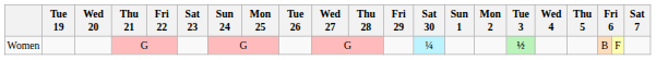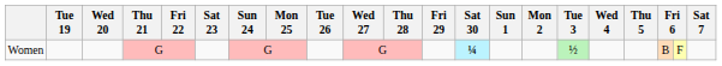 <table class="wikitable" style="margin:0.5em auto; font-size:90%; line-height:1.25em; text-align:center">
 <tr>
 <th></th>
 <th>Tue 19</th>
 <th>Wed 20</th>
 <th>Thu 21</th>
 <th>Fri 22</th>
 <th>Sat 23</th>
 <th>Sun 24</th>
 <th>Mon 25</th>
 <th>Tue 26</th>
 <th>Wed 27</th>
 <th>Thu 28</th>
 <th>Fri 29</th>
 <th>Sat 30</th>
 <th>Sun 1</th>
 <th>Mon 2</th>
 <th>Tue 3</th>
 <th>Wed 4</th>
 <th>Thu 5</th>
 <th colspan="2">Fri 6</th>
 <th colspan="2">Sat 7</th>
 </tr>
 <tr>
 <td align="left">Women</td>
 <td></td>
 <td></td>
 <td colspan="2" bgcolor="#FFBBBB">G</td>
 <td></td>
 <td colspan="2" bgcolor="#FFBBBB">G</td>
 <td></td>
 <td colspan="2" bgcolor="#FFBBBB">G</td>
 <td></td>
-<td colspan="1" bgcolor="#BBF3FF">¼</td>
+<td colspan="1" bgcolor="#BBF3FF"><strong>¼</strong></td>
 <td></td>
 <td></td>
-<td bgcolor="#BBF3BB"><strong>½</strong></td>
+<td bgcolor="#BBF3BB">½</td>
 <td></td>
 <td></td>
 <td bgcolor="#FEDCBA">B</td>
 <td bgcolor="#FFFFB">F</td>
 <td colspan="2"></td>
 </tr>
 </table>
